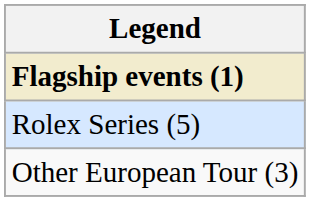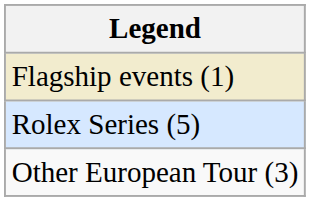 <table class="wikitable" style="font-size:95%;">
 <tr>
 <th>Legend</th>
 </tr>
 <tr style="background:#f2ecce;">
-<td><strong>Flagship events (1)</strong></td>
+<td>Flagship events (1)</td>
 </tr>
 <tr style="background:#D6E8FF;">
 <td>Rolex Series (5)</td>
 </tr>
 <tr>
 <td>Other European Tour (3)</td>
 </tr>
 </table>
